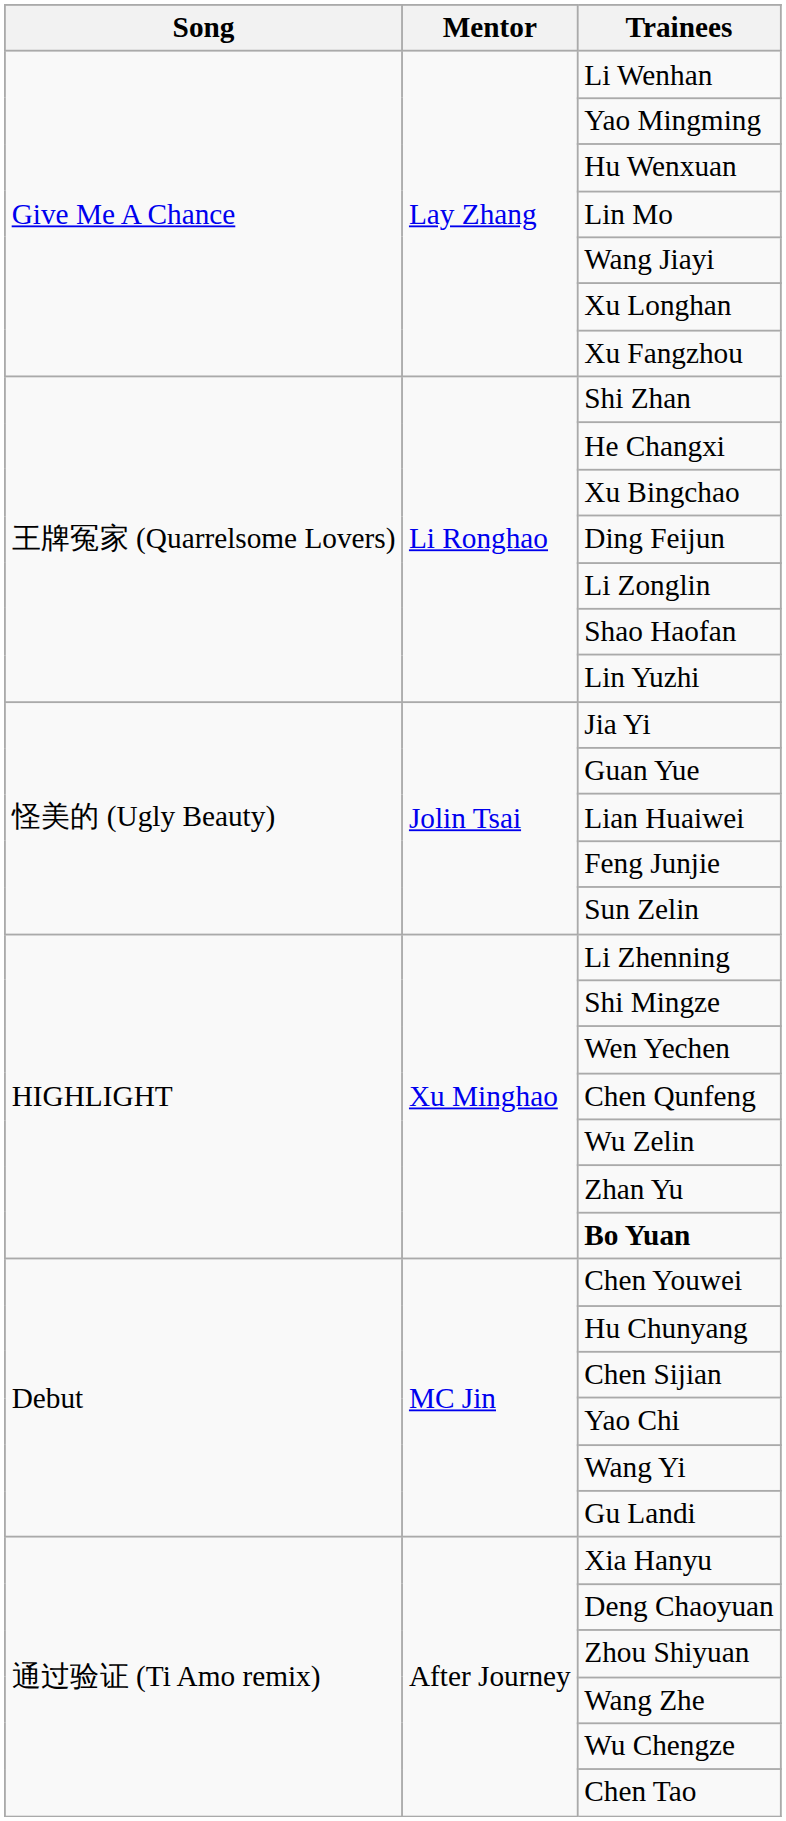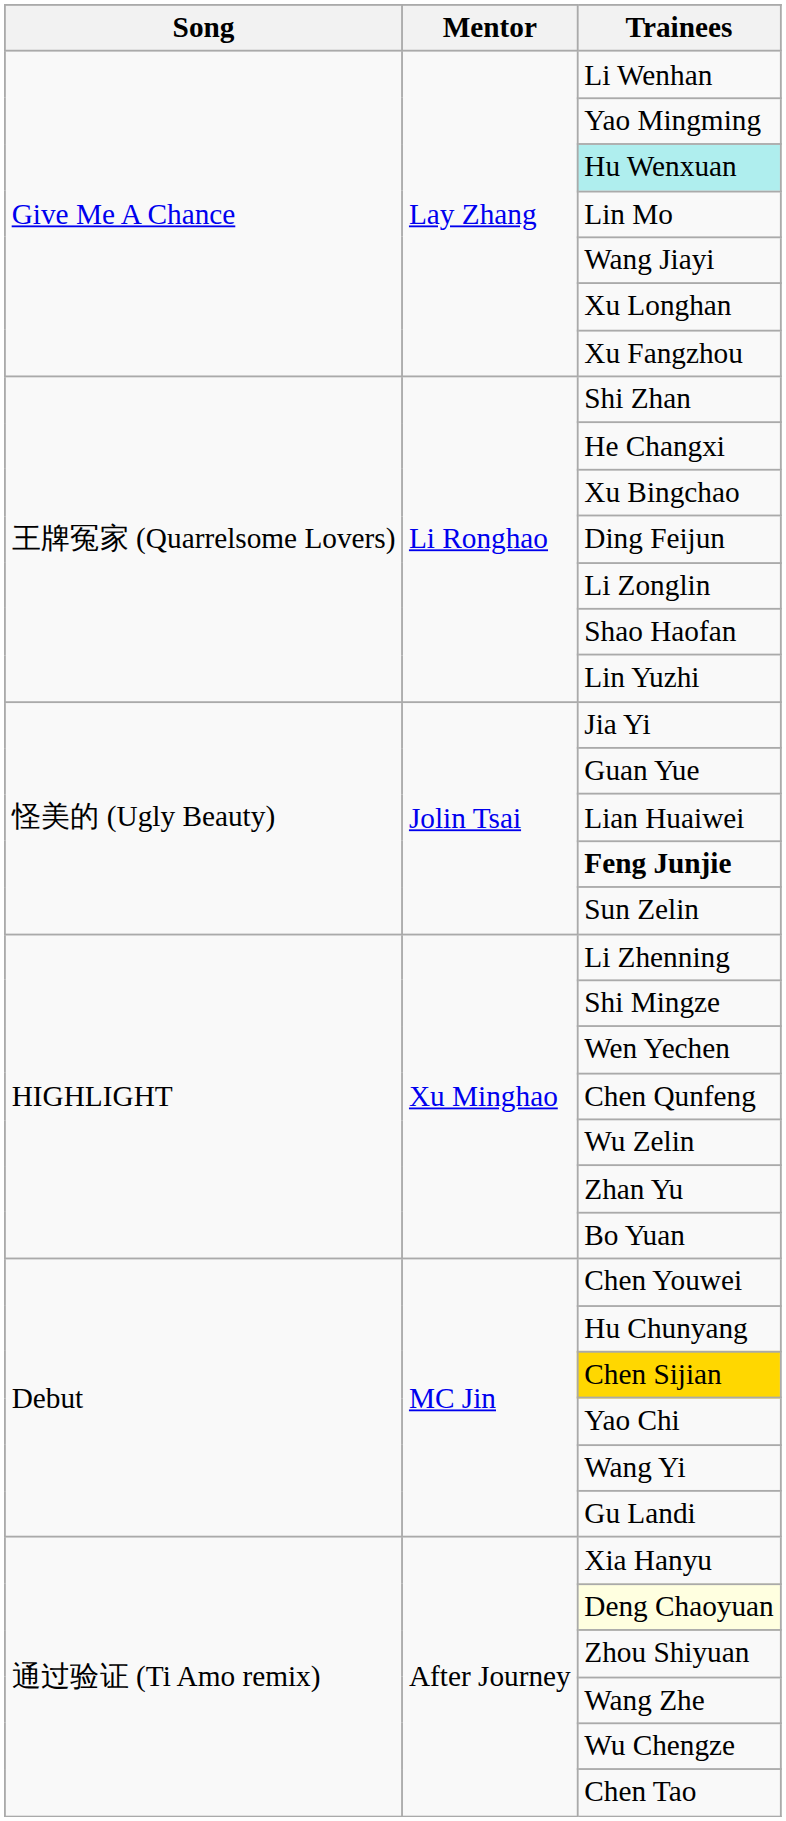 <table class="wikitable">
 <tr>
 <th>Song</th>
 <th>Mentor</th>
 <th>Trainees</th>
 </tr>
 <tr>
 <td rowspan="7"><a href='#'>Give Me A Chance</a></td>
 <td rowspan="7"><a href='#'>Lay Zhang</a></td>
 <td>Li Wenhan</td>
 </tr>
 <tr>
 <td>Yao Mingming</td>
 </tr>
 <tr>
-<td>Hu Wenxuan</td>
+<td style="background: paleturquoise;">Hu Wenxuan</td>
 </tr>
 <tr>
 <td>Lin Mo</td>
 </tr>
 <tr>
 <td>Wang Jiayi</td>
 </tr>
 <tr>
 <td>Xu Longhan</td>
 </tr>
 <tr>
 <td>Xu Fangzhou</td>
 </tr>
 <tr>
 <td rowspan="7">王牌冤家 (Quarrelsome Lovers)</td>
 <td rowspan="7"><a href='#'>Li Ronghao</a></td>
 <td>Shi Zhan</td>
 </tr>
 <tr>
 <td>He Changxi</td>
 </tr>
 <tr>
 <td>Xu Bingchao</td>
 </tr>
 <tr>
 <td>Ding Feijun</td>
 </tr>
 <tr>
 <td>Li Zonglin</td>
 </tr>
 <tr>
 <td>Shao Haofan</td>
 </tr>
 <tr>
 <td>Lin Yuzhi</td>
 </tr>
 <tr>
 <td rowspan="5">怪美的 (Ugly Beauty)</td>
 <td rowspan="5"><a href='#'>Jolin Tsai</a></td>
 <td>Jia Yi</td>
 </tr>
 <tr>
 <td>Guan Yue</td>
 </tr>
 <tr>
 <td>Lian Huaiwei</td>
 </tr>
 <tr>
-<td>Feng Junjie</td>
+<td><strong>Feng Junjie</strong></td>
 </tr>
 <tr>
 <td>Sun Zelin</td>
 </tr>
 <tr>
 <td rowspan="7">HIGHLIGHT</td>
 <td rowspan="7"><a href='#'>Xu Minghao</a></td>
 <td>Li Zhenning</td>
 </tr>
 <tr>
 <td>Shi Mingze</td>
 </tr>
 <tr>
 <td>Wen Yechen</td>
 </tr>
 <tr>
 <td>Chen Qunfeng</td>
 </tr>
 <tr>
 <td>Wu Zelin</td>
 </tr>
 <tr>
 <td>Zhan Yu</td>
 </tr>
 <tr>
-<td><strong>Bo Yuan</strong></td>
+<td>Bo Yuan</td>
 </tr>
 <tr>
 <td rowspan="6">Debut</td>
 <td rowspan="6"><a href='#'>MC Jin</a></td>
 <td>Chen Youwei</td>
 </tr>
 <tr>
 <td>Hu Chunyang</td>
 </tr>
 <tr>
-<td>Chen Sijian</td>
+<td style="background: gold;">Chen Sijian</td>
 </tr>
 <tr>
 <td>Yao Chi</td>
 </tr>
 <tr>
 <td>Wang Yi</td>
 </tr>
 <tr>
 <td>Gu Landi</td>
 </tr>
 <tr>
 <td rowspan="6">通过验证 (Ti Amo remix)</td>
 <td rowspan="6">After Journey</td>
 <td>Xia Hanyu</td>
 </tr>
 <tr>
-<td>Deng Chaoyuan</td>
+<td style="background: lightyellow;">Deng Chaoyuan</td>
 </tr>
 <tr>
 <td>Zhou Shiyuan</td>
 </tr>
 <tr>
 <td>Wang Zhe</td>
 </tr>
 <tr>
 <td>Wu Chengze</td>
 </tr>
 <tr>
 <td>Chen Tao</td>
 </tr>
 </table>
